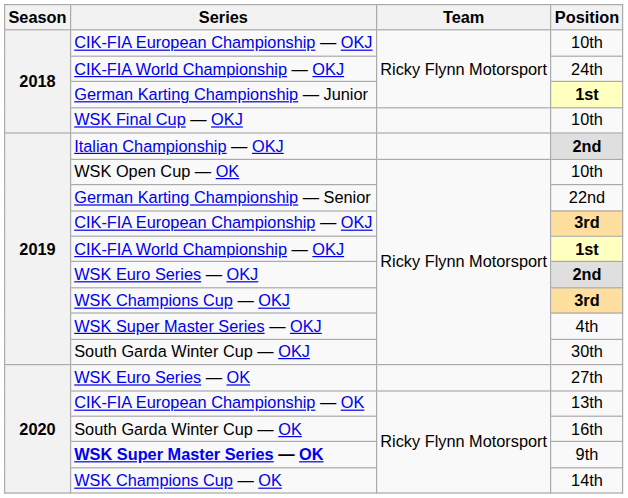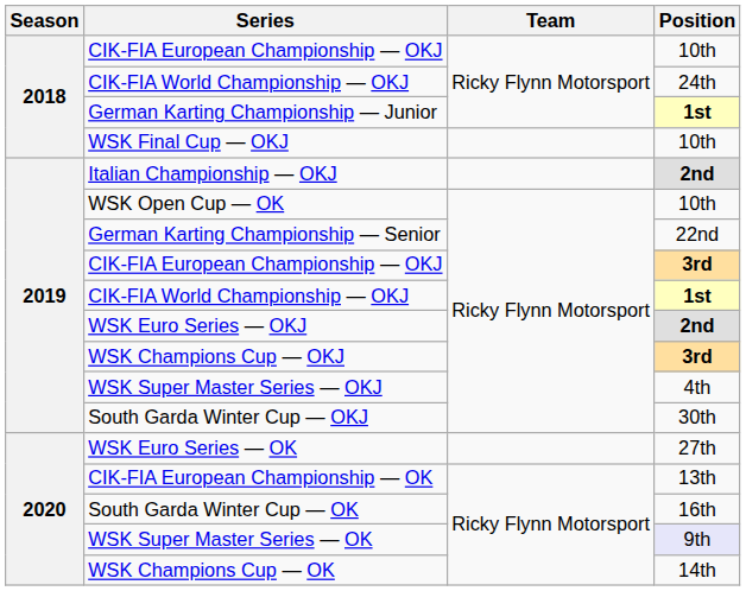 <table class="wikitable" style="font-size: 85%; text-align:center">
 <tr>
 <th>Season</th>
 <th>Series</th>
 <th>Team</th>
 <th>Position</th>
 </tr>
 <tr>
 <th rowspan="4">2018</th>
 <td align="left"><a href='#'>CIK-FIA European Championship</a> — <a href='#'>OKJ</a></td>
 <td rowspan="3" align="left">Ricky Flynn Motorsport</td>
 <td>10th</td>
 </tr>
 <tr>
 <td align="left"><a href='#'>CIK-FIA World Championship</a> — <a href='#'>OKJ</a></td>
 <td>24th</td>
 </tr>
 <tr>
 <td align="left"><a href='#'>German Karting Championship</a> — Junior</td>
 <td style="background:#FFFFBF;"><strong>1st</strong></td>
 </tr>
 <tr>
 <td align="left"><a href='#'>WSK Final Cup</a> — <a href='#'>OKJ</a></td>
 <td align="left"></td>
 <td>10th</td>
 </tr>
 <tr>
 <th rowspan="9">2019</th>
 <td align="left"><a href='#'>Italian Championship</a> — <a href='#'>OKJ</a></td>
 <td align="left"></td>
 <td style="background:#DFDFDF;"><strong>2nd</strong></td>
 </tr>
 <tr>
 <td align="left">WSK Open Cup — <a href='#'>OK</a></td>
 <td rowspan="8" align="left">Ricky Flynn Motorsport</td>
 <td>10th</td>
 </tr>
 <tr>
 <td align="left"><a href='#'>German Karting Championship</a> — Senior</td>
 <td>22nd</td>
 </tr>
 <tr>
 <td align="left"><a href='#'>CIK-FIA European Championship</a> — <a href='#'>OKJ</a></td>
 <td style="background:#FFDF9F;"><strong>3rd</strong></td>
 </tr>
 <tr>
 <td align="left"><a href='#'>CIK-FIA World Championship</a> — <a href='#'>OKJ</a></td>
 <td style="background:#FFFFBF;"><strong>1st</strong></td>
 </tr>
 <tr>
 <td align="left"><a href='#'>WSK Euro Series</a> — <a href='#'>OKJ</a></td>
 <td style="background:#DFDFDF;"><strong>2nd</strong></td>
 </tr>
 <tr>
 <td align="left"><a href='#'>WSK Champions Cup</a> — <a href='#'>OKJ</a></td>
 <td style="background:#FFDF9F;"><strong>3rd</strong></td>
 </tr>
 <tr>
 <td align="left"><a href='#'>WSK Super Master Series</a> — <a href='#'>OKJ</a></td>
 <td>4th</td>
 </tr>
 <tr>
 <td align="left">South Garda Winter Cup — <a href='#'>OKJ</a></td>
 <td>30th</td>
 </tr>
 <tr>
 <th rowspan="5">2020</th>
 <td align="left"><a href='#'>WSK Euro Series</a> — <a href='#'>OK</a></td>
 <td align="left"></td>
 <td>27th</td>
 </tr>
 <tr>
 <td align="left"><a href='#'>CIK-FIA European Championship</a> — <a href='#'>OK</a></td>
 <td rowspan="4" align="left">Ricky Flynn Motorsport</td>
 <td>13th</td>
 </tr>
 <tr>
 <td align="left">South Garda Winter Cup — <a href='#'>OK</a></td>
 <td>16th</td>
 </tr>
 <tr>
-<td align="left"><strong><a href='#'>WSK Super Master Series</a> — <a href='#'>OK</a></strong></td>
-<td>9th</td>
+<td align="left"><a href='#'>WSK Super Master Series</a> — <a href='#'>OK</a></td>
+<td style="background: lavender;">9th</td>
 </tr>
 <tr>
 <td align="left"><a href='#'>WSK Champions Cup</a> — <a href='#'>OK</a></td>
 <td>14th</td>
 </tr>
 </table>
